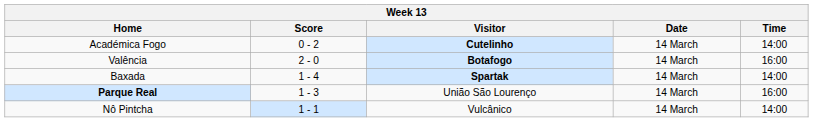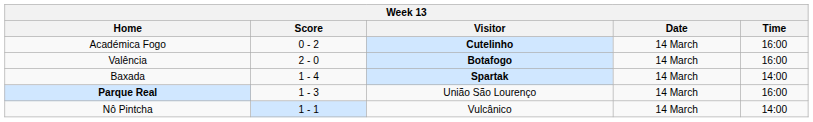 <table class="wikitable" style="margin:1em auto; font-size:95%; text-align: center; width: 95%;">
 <tr>
 <th colspan="12"  style="with:100%;">Week 13</th>
 </tr>
 <tr>
 <th style="width:200px;">Home</th>
 <th width="90">Score</th>
 <th style="width:200px;">Visitor</th>
 <th style="width:100px;">Date</th>
 <th style="width:50px;">Time</th>
 </tr>
 <tr>
 <td>Académica Fogo</td>
 <td>0 - 2</td>
 <td bgcolor=#D0E7FF><strong>Cutelinho</strong></td>
 <td>14 March</td>
-<td>14:00</td>
+<td>16:00</td>
 </tr>
 <tr>
 <td>Valência</td>
 <td>2 - 0</td>
 <td bgcolor=#D0E7FF><strong>Botafogo</strong></td>
 <td>14 March</td>
 <td>16:00</td>
 </tr>
 <tr>
 <td>Baxada</td>
 <td>1 - 4</td>
 <td bgcolor=#D0E7FF><strong>Spartak</strong></td>
 <td>14 March</td>
 <td>14:00</td>
 </tr>
 <tr>
 <td bgcolor=#D0E7FF><strong>Parque Real</strong></td>
 <td>1 - 3</td>
 <td>União São Lourenço</td>
 <td>14 March</td>
 <td>16:00</td>
 </tr>
 <tr>
 <td>Nô Pintcha</td>
 <td bgcolor=#D0E7FF>1 - 1</td>
 <td>Vulcânico</td>
 <td>14 March</td>
 <td>14:00</td>
 </tr>
 </table>
